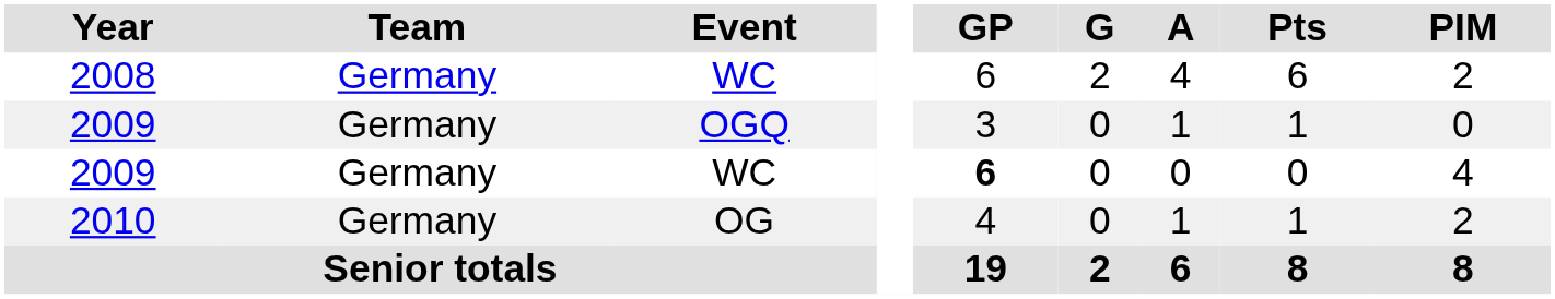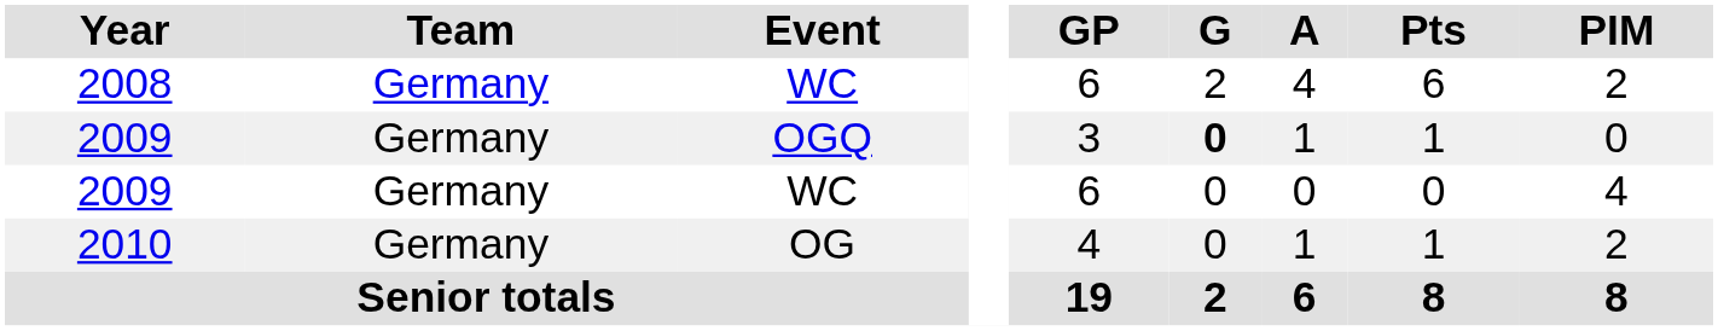 <table border="0" cellpadding="1" cellspacing="0" style="text-align:center; width:40em">
 <tr ALIGN="center" bgcolor="#e0e0e0">
 <th>Year</th>
 <th>Team</th>
 <th>Event</th>
 <th ALIGN="center" rowspan="99" bgcolor="#ffffff"> </th>
 <th>GP</th>
 <th>G</th>
 <th>A</th>
 <th>Pts</th>
 <th>PIM</th>
 </tr>
 <tr>
 <td><a href='#'>2008</a></td>
 <td><a href='#'>Germany</a></td>
 <td><a href='#'>WC</a></td>
 <td>6</td>
 <td>2</td>
 <td>4</td>
 <td>6</td>
 <td>2</td>
 </tr>
 <tr bgcolor="#f0f0f0">
 <td><a href='#'>2009</a></td>
 <td>Germany</td>
 <td><a href='#'>OGQ</a></td>
 <td>3</td>
-<td>0</td>
+<td><strong>0</strong></td>
 <td>1</td>
 <td>1</td>
 <td>0</td>
 </tr>
 <tr>
 <td><a href='#'>2009</a></td>
 <td>Germany</td>
 <td>WC</td>
-<td><strong>6</strong></td>
+<td>6</td>
 <td>0</td>
 <td>0</td>
 <td>0</td>
 <td>4</td>
 </tr>
 <tr bgcolor="#f0f0f0">
 <td><a href='#'>2010</a></td>
 <td>Germany</td>
 <td>OG</td>
 <td>4</td>
 <td>0</td>
 <td>1</td>
 <td>1</td>
 <td>2</td>
 </tr>
 <tr bgcolor="#e0e0e0">
 <th colspan="3">Senior totals</th>
 <th>19</th>
 <th>2</th>
 <th>6</th>
 <th>8</th>
 <th>8</th>
 </tr>
 </table>
